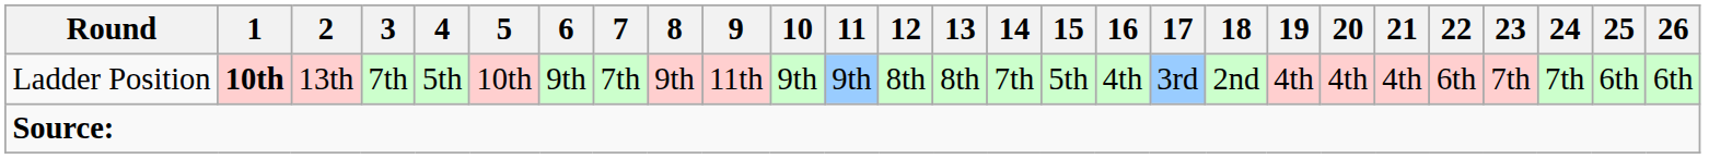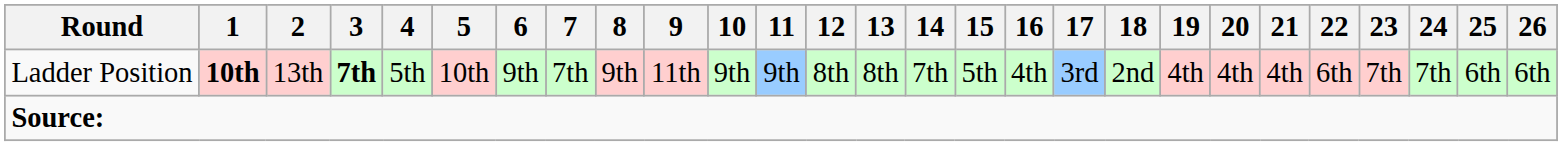 <table class="wikitable">
 <tr>
 <th>Round</th>
 <th>1</th>
 <th>2</th>
 <th>3</th>
 <th>4</th>
 <th>5</th>
 <th>6</th>
 <th>7</th>
 <th>8</th>
 <th>9</th>
 <th>10</th>
 <th>11</th>
 <th>12</th>
 <th>13</th>
 <th>14</th>
 <th>15</th>
 <th>16</th>
 <th>17</th>
 <th>18</th>
 <th>19</th>
 <th>20</th>
 <th>21</th>
 <th>22</th>
 <th>23</th>
 <th>24</th>
 <th>25</th>
 <th>26</th>
 </tr>
 <tr>
 <td>Ladder Position</td>
 <td style="text-align:center; background:#FFCFCF"><strong>10th</strong></td>
 <td style="text-align:center; background:#FFCFCF">13th</td>
-<td style="text-align:center; background:#cfc;">7th</td>
+<td style="text-align:center; background:#cfc;"><strong>7th</strong></td>
 <td style="text-align:center; background:#cfc;">5th</td>
 <td style="text-align:center; background:#FFCFCF">10th</td>
 <td style="text-align:center; background:#cfc;">9th</td>
 <td style="text-align:center; background:#cfc;">7th</td>
 <td style="text-align:center; background:#FFCFCF">9th</td>
 <td style="text-align:center; background:#FFCFCF">11th</td>
 <td style="text-align:center; background:#cfc;">9th</td>
 <td style="text-align:center; background:#99ccff">9th</td>
 <td style="text-align:center; background:#cfc;">8th</td>
 <td style="text-align:center; background:#cfc;">8th</td>
 <td style="text-align:center; background:#cfc;">7th</td>
 <td style="text-align:center; background:#cfc;">5th</td>
 <td style="text-align:center; background:#cfc;">4th</td>
 <td style="text-align:center; background:#99ccff">3rd</td>
 <td style="text-align:center; background:#cfc;">2nd</td>
 <td style="text-align:center; background:#FFCFCF">4th</td>
 <td style="text-align:center; background:#FFCFCF">4th</td>
 <td style="text-align:center; background:#FFCFCF">4th</td>
 <td style="text-align:center; background:#FFCFCF">6th</td>
 <td style="text-align:center; background:#FFCFCF">7th</td>
 <td style="text-align:center; background:#cfc;">7th</td>
 <td style="text-align:center; background:#cfc;">6th</td>
 <td style="text-align:center; background:#cfc;">6th</td>
 </tr>
 <tr>
 <td colspan="27"><strong>Source:</strong></td>
 </tr>
 </table>
